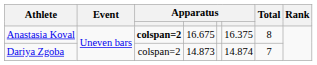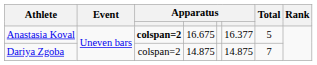 <table class="wikitable" style="font-size:90%">
 <tr>
 <th rowspan=2>Athlete</th>
 <th rowspan=2>Event</th>
 <th colspan =4>Apparatus</th>
 <th rowspan=2>Total</th>
 <th rowspan=2>Rank</th>
 </tr>
 <tr style="font-size:95%">
 <th></th>
 <th></th>
 <th></th>
 <th></th>
 </tr>
 <tr align=center>
 <td align=left><a href='#'>Anastasia Koval</a></td>
 <td align=left rowspan=2><a href='#'>Uneven bars</a></td>
 <td><strong>colspan=2 </strong></td>
 <td>16.675</td>
 <td></td>
-<td>16.375</td>
-<td>8</td>
+<td>16.377</td>
+<td>5</td>
 </tr>
 <tr align=center>
 <td align=left><a href='#'>Dariya Zgoba</a></td>
 <td>colspan=2 </td>
-<td>14.873</td>
+<td>14.875</td>
 <td></td>
-<td>14.874</td>
+<td>14.875</td>
 <td>7</td>
 </tr>
 </table>
